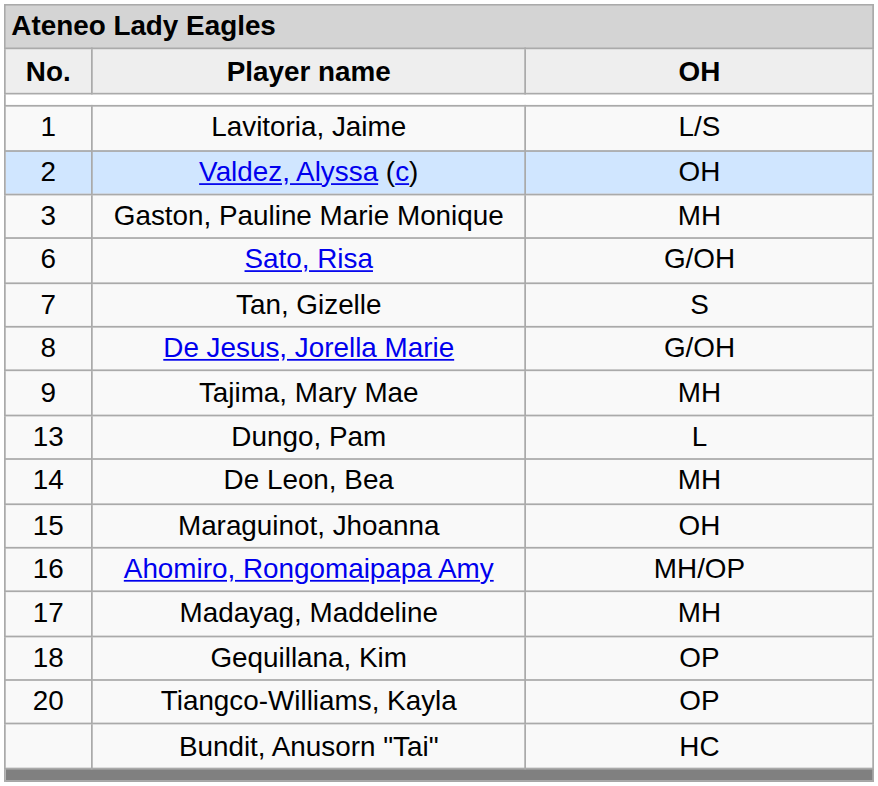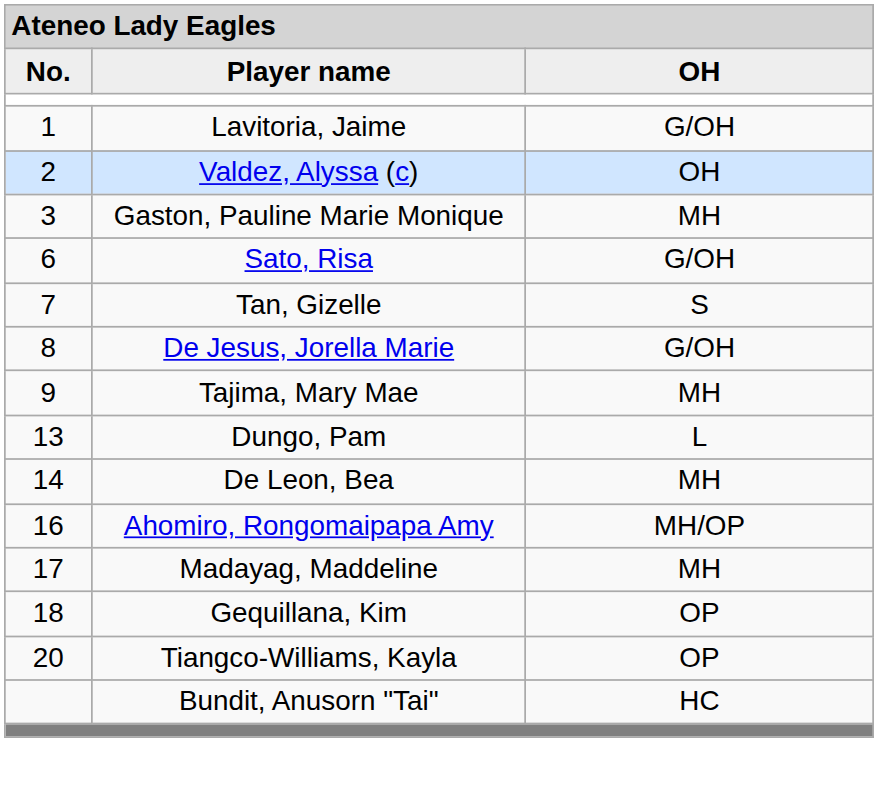 <table class='wikitable mw-collapsible mw-collapsed' style='text-align: center; width: 500px; border: none;'>
 <tr>
 <th style="background:#D4D4D4; text-align:left;" colspan=3> Ateneo Lady Eagles</th>
 </tr>
 <tr style="background:#EEEEEE; font-weight:bold;">
 <td width=10%>No.</td>
 <td width=50%>Player name</td>
 <td align=center>OH</td>
 </tr>
 <tr style="background:#FFFFFF;">
 <td colspan=3 align=center></td>
 </tr>
 <tr>
 <td align=center>1</td>
 <td>Lavitoria, Jaime</td>
-<td align=center>L/S</td>
+<td align=center>G/OH</td>
 </tr>
 <tr style="background: #D0E6FF;">
 <td align=center>2</td>
 <td><a href='#'>Valdez, Alyssa</a> (<a href='#'>c</a>)</td>
 <td align=center>OH</td>
 </tr>
 <tr>
 <td align=center>3</td>
 <td>Gaston, Pauline Marie Monique</td>
 <td align=center>MH</td>
 </tr>
 <tr>
 <td align=center>6</td>
 <td><a href='#'>Sato, Risa</a></td>
 <td align=center>G/OH</td>
 </tr>
 <tr>
 <td align=center>7</td>
 <td>Tan, Gizelle</td>
 <td align=center>S</td>
 </tr>
 <tr>
 <td align=center>8</td>
 <td><a href='#'>De Jesus, Jorella Marie</a></td>
 <td align=center>G/OH</td>
 </tr>
 <tr>
 <td align=center>9</td>
 <td>Tajima, Mary Mae</td>
 <td align=center>MH</td>
 </tr>
 <tr>
 <td align=center>13</td>
 <td>Dungo, Pam</td>
 <td align=center>L</td>
 </tr>
 <tr>
 <td align=center>14</td>
 <td>De Leon, Bea</td>
 <td align=center>MH</td>
 </tr>
 <tr>
-<td align=center>15</td>
-<td>Maraguinot, Jhoanna</td>
-<td align=center>OH</td>
-</tr>
-<tr>
 <td align=center>16</td>
 <td><a href='#'>Ahomiro, Rongomaipapa Amy</a></td>
 <td align=center>MH/OP</td>
 </tr>
 <tr>
 <td align=center>17</td>
 <td>Madayag, Maddeline</td>
 <td align=center>MH</td>
 </tr>
 <tr>
 <td align=center>18</td>
 <td>Gequillana, Kim</td>
 <td align=center>OP</td>
 </tr>
 <tr>
 <td align=center>20</td>
 <td>Tiangco-Williams, Kayla</td>
 <td align=center>OP</td>
 </tr>
 <tr>
 <td align=center></td>
 <td>Bundit, Anusorn "Tai"</td>
 <td align=center>HC</td>
 </tr>
 <tr>
 <th style='background: grey;' colspan=3></th>
 </tr>
 </table>
